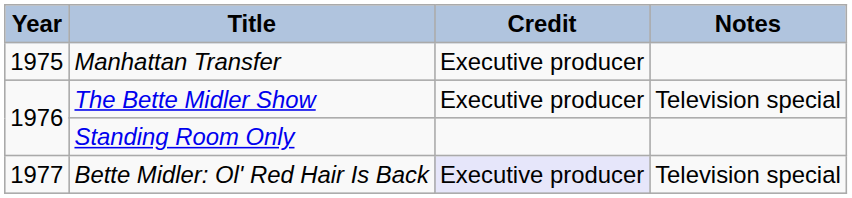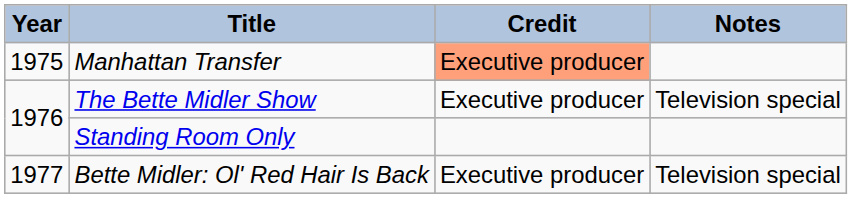 <table class="wikitable" style="font-size:95%;">
 <tr>
 <th style="background:#B0C4DE;">Year</th>
 <th style="background:#B0C4DE;">Title</th>
 <th style="background:#B0C4DE;">Credit</th>
 <th style="background:#B0C4DE;">Notes</th>
 </tr>
 <tr>
 <td>1975</td>
 <td><em>Manhattan Transfer</em></td>
-<td>Executive producer</td>
+<td style="background: lightsalmon;">Executive producer</td>
 <td></td>
 </tr>
 <tr>
 <td rowspan=2>1976</td>
 <td><em><a href='#'>The Bette Midler Show</a></em></td>
 <td>Executive producer</td>
 <td>Television special</td>
 </tr>
 <tr>
 <td><em><a href='#'>Standing Room Only</a></em></td>
 <td></td>
 <td></td>
 </tr>
 <tr>
 <td>1977</td>
 <td><em>Bette Midler: Ol' Red Hair Is Back</em></td>
-<td style="background: lavender;">Executive producer</td>
+<td>Executive producer</td>
 <td>Television special</td>
 </tr>
 </table>
